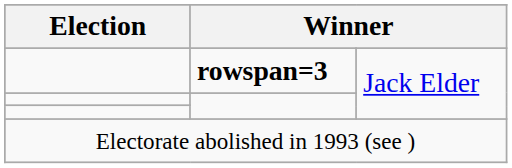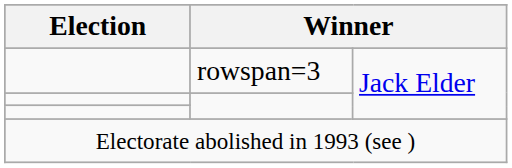 <table class=wikitable>
 <tr>
 <th width=100>Election</th>
 <th width=175 colspan=2>Winner</th>
 </tr>
 <tr>
 <td></td>
-<td><strong>rowspan=3 </strong></td>
+<td>rowspan=3 </td>
 <td rowspan=3><a href='#'>Jack Elder</a></td>
 </tr>
 <tr>
 <td></td>
 </tr>
 <tr>
 <td></td>
 </tr>
 <tr>
 <td colspan=3 align=center><small>Electorate abolished in 1993 (see )</small></td>
 </tr>
 </table>
